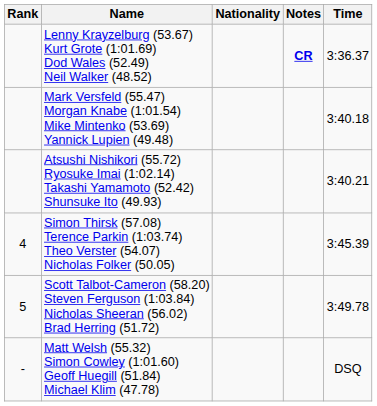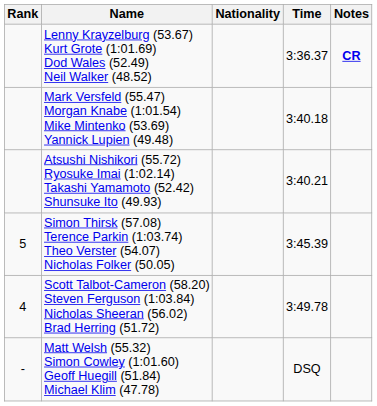 <table class="wikitable sortable" style="text-align:center">
 <tr>
 <th>Rank</th>
 <th>Name</th>
 <th>Nationality</th>
+<th>Time</th>
 <th>Notes</th>
-<th>Time</th>
 </tr>
 <tr>
 <td></td>
 <td align=left><a href='#'>Lenny Krayzelburg</a> (53.67) <br> <a href='#'>Kurt Grote</a> (1:01.69) <br> <a href='#'>Dod Wales</a> (52.49) <br> <a href='#'>Neil Walker</a> (48.52)</td>
 <td align=left></td>
+<td>3:36.37</td>
 <td><strong><a href='#'>CR</a></strong></td>
-<td>3:36.37</td>
 </tr>
 <tr>
 <td></td>
 <td align=left><a href='#'>Mark Versfeld</a> (55.47) <br> <a href='#'>Morgan Knabe</a> (1:01.54) <br> <a href='#'>Mike Mintenko</a> (53.69) <br> <a href='#'>Yannick Lupien</a> (49.48)</td>
 <td align=left></td>
+<td>3:40.18</td>
 <td></td>
-<td>3:40.18</td>
 </tr>
 <tr>
 <td></td>
 <td align=left><a href='#'>Atsushi Nishikori</a> (55.72) <br> <a href='#'>Ryosuke Imai</a> (1:02.14) <br> <a href='#'>Takashi Yamamoto</a> (52.42) <br> <a href='#'>Shunsuke Ito</a> (49.93)</td>
 <td align=left></td>
+<td>3:40.21</td>
 <td></td>
-<td>3:40.21</td>
+</tr>
+<tr>
+<td>5</td>
+<td align=left><a href='#'>Simon Thirsk</a> (57.08) <br><a href='#'>Terence Parkin</a> (1:03.74) <br><a href='#'>Theo Verster</a> (54.07) <br><a href='#'>Nicholas Folker</a> (50.05)</td>
+<td align=left></td>
+<td>3:45.39</td>
+<td></td>
 </tr>
 <tr>
 <td>4</td>
-<td align=left><a href='#'>Simon Thirsk</a> (57.08) <br><a href='#'>Terence Parkin</a> (1:03.74) <br><a href='#'>Theo Verster</a> (54.07) <br><a href='#'>Nicholas Folker</a> (50.05)</td>
-<td align=left></td>
-<td></td>
-<td>3:45.39</td>
-</tr>
-<tr>
-<td>5</td>
 <td align=left><a href='#'>Scott Talbot-Cameron</a> (58.20) <br> <a href='#'>Steven Ferguson</a> (1:03.84) <br> <a href='#'>Nicholas Sheeran</a> (56.02) <br> <a href='#'>Brad Herring</a> (51.72)</td>
 <td align=left></td>
+<td>3:49.78</td>
 <td></td>
-<td>3:49.78</td>
 </tr>
 <tr>
 <td>-</td>
 <td align=left><a href='#'>Matt Welsh</a> (55.32) <br> <a href='#'>Simon Cowley</a> (1:01.60) <br> <a href='#'>Geoff Huegill</a> (51.84) <br> <a href='#'>Michael Klim</a> (47.78)</td>
 <td align=left></td>
+<td>DSQ</td>
 <td></td>
-<td>DSQ</td>
 </tr>
 </table>
